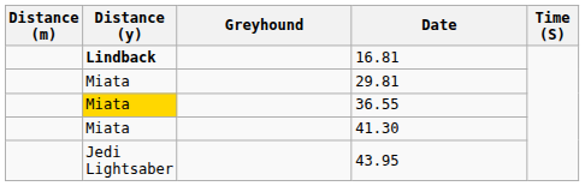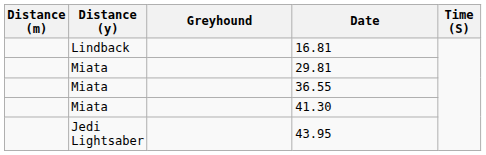 <table class="wikitable sortable">
 <tr>
 <th width=40>Distance (m)</th>
 <th width=40>Distance (y)</th>
 <th width=150>Greyhound</th>
 <th width=150>Date</th>
 <th width=40>Time (S)</th>
 </tr>
 <tr>
 <td></td>
-<td><strong>Lindback</strong></td>
+<td>Lindback</td>
 <td></td>
 <td>16.81</td>
 </tr>
 <tr>
 <td></td>
 <td>Miata</td>
 <td></td>
 <td>29.81</td>
 </tr>
 <tr>
 <td></td>
-<td style="background: gold;">Miata</td>
+<td>Miata</td>
 <td></td>
 <td>36.55</td>
 </tr>
 <tr>
 <td></td>
 <td>Miata</td>
 <td></td>
 <td>41.30</td>
 </tr>
 <tr>
 <td></td>
 <td>Jedi Lightsaber</td>
 <td></td>
 <td>43.95</td>
 </tr>
 </table>
